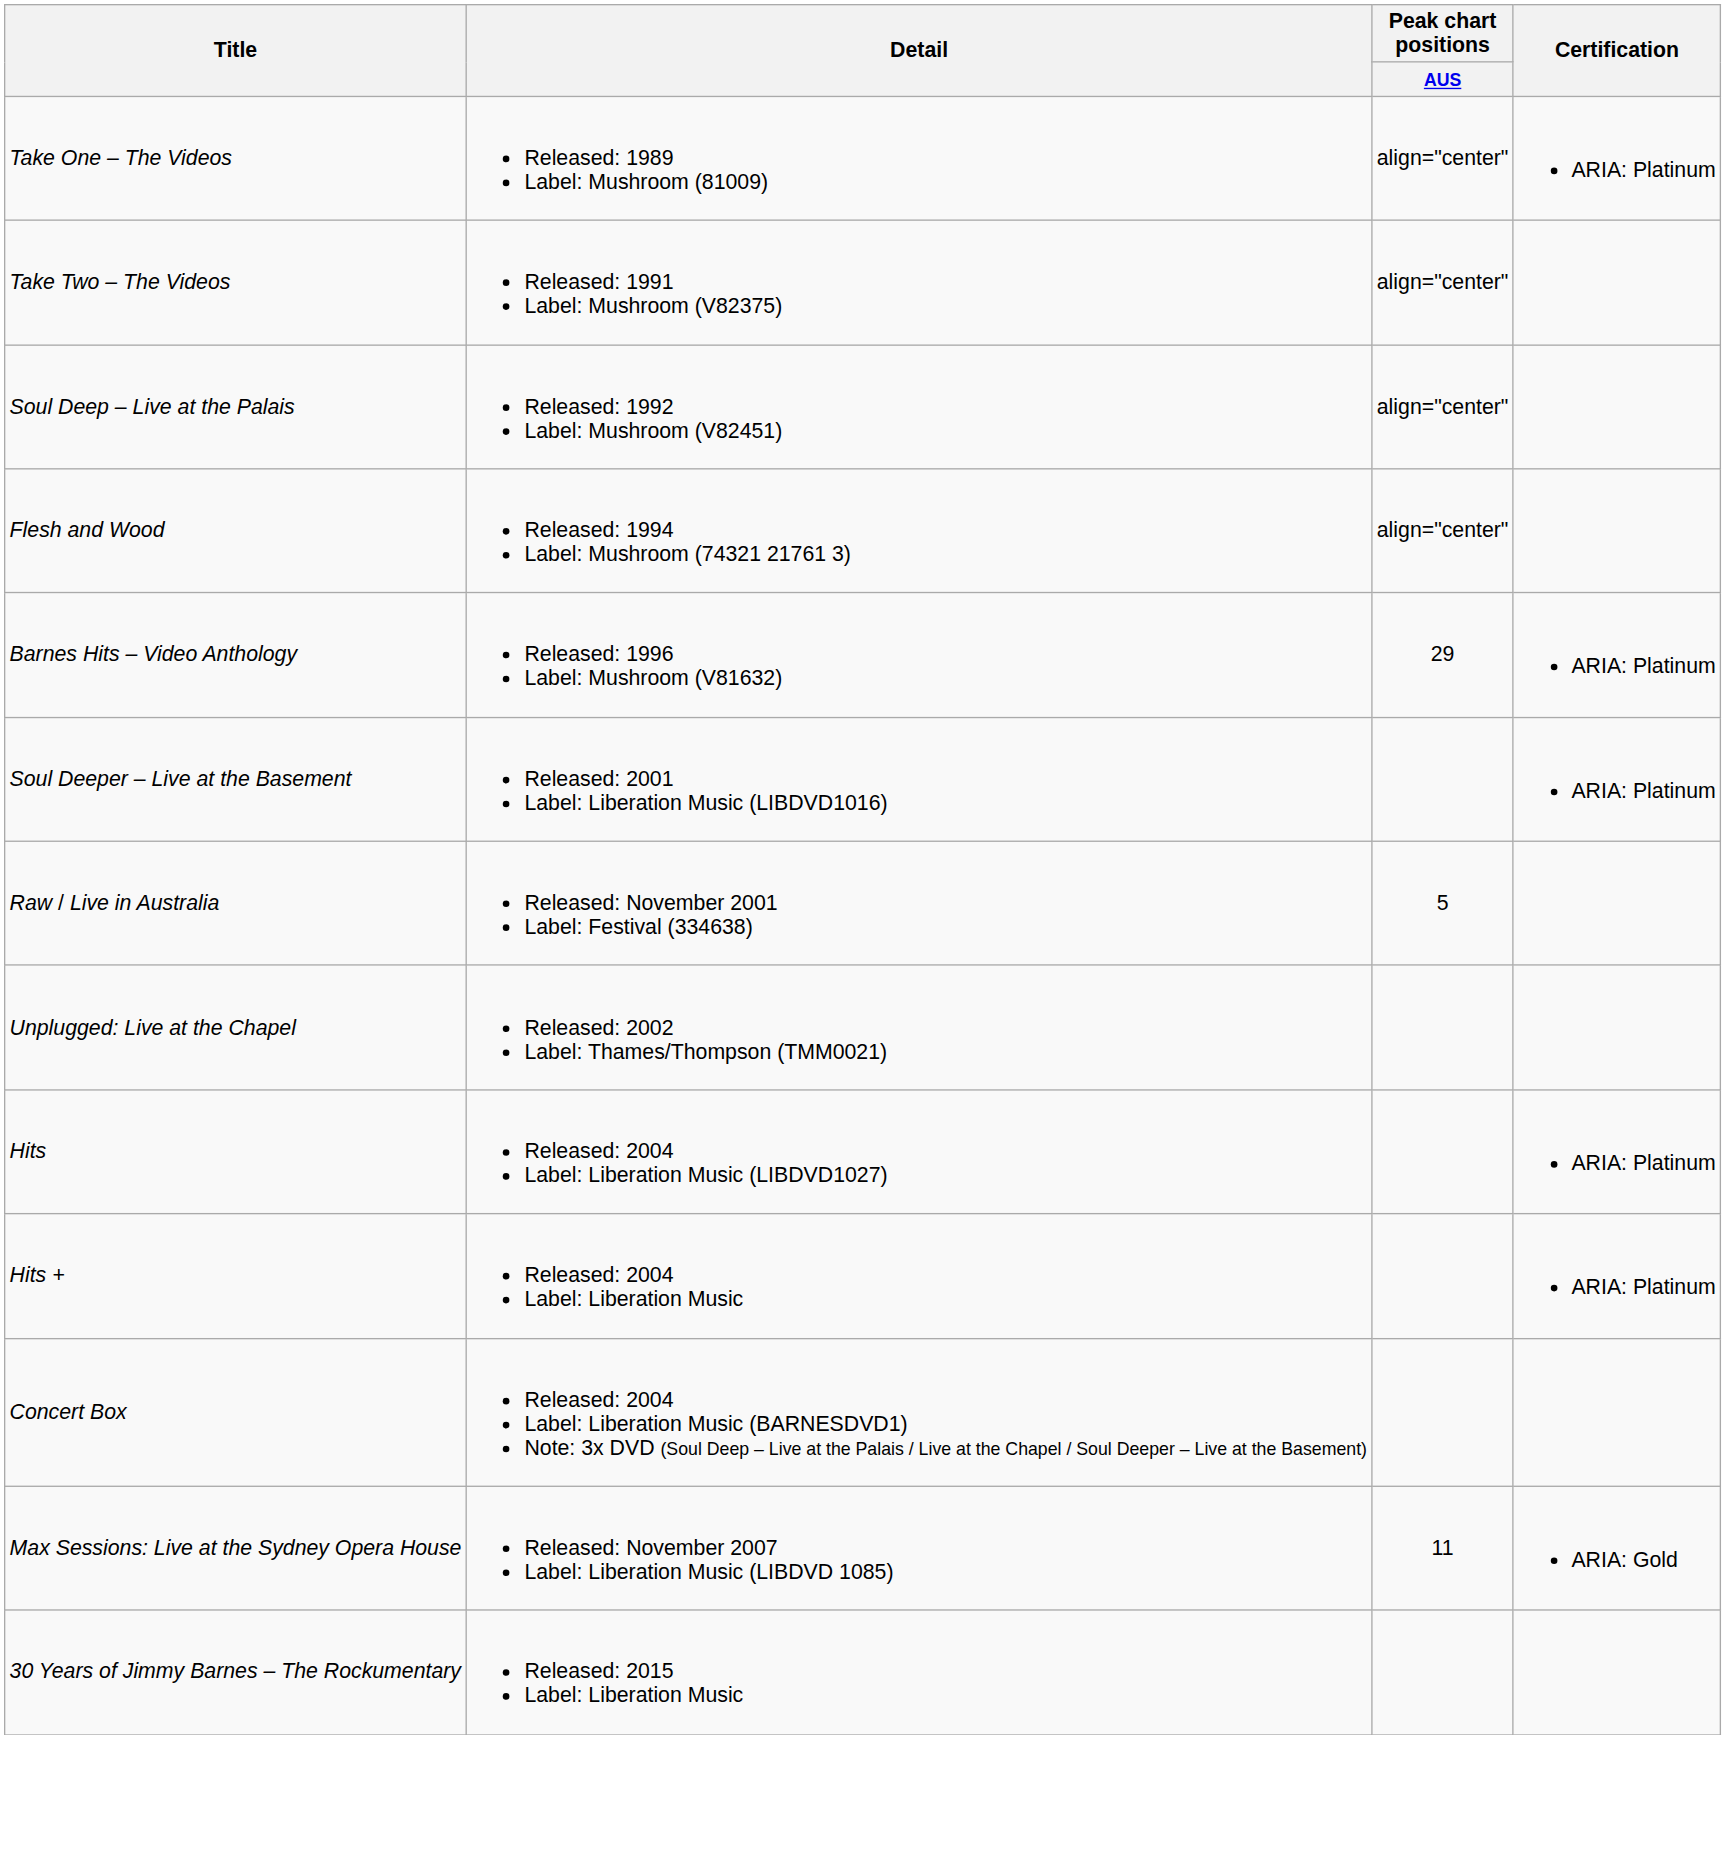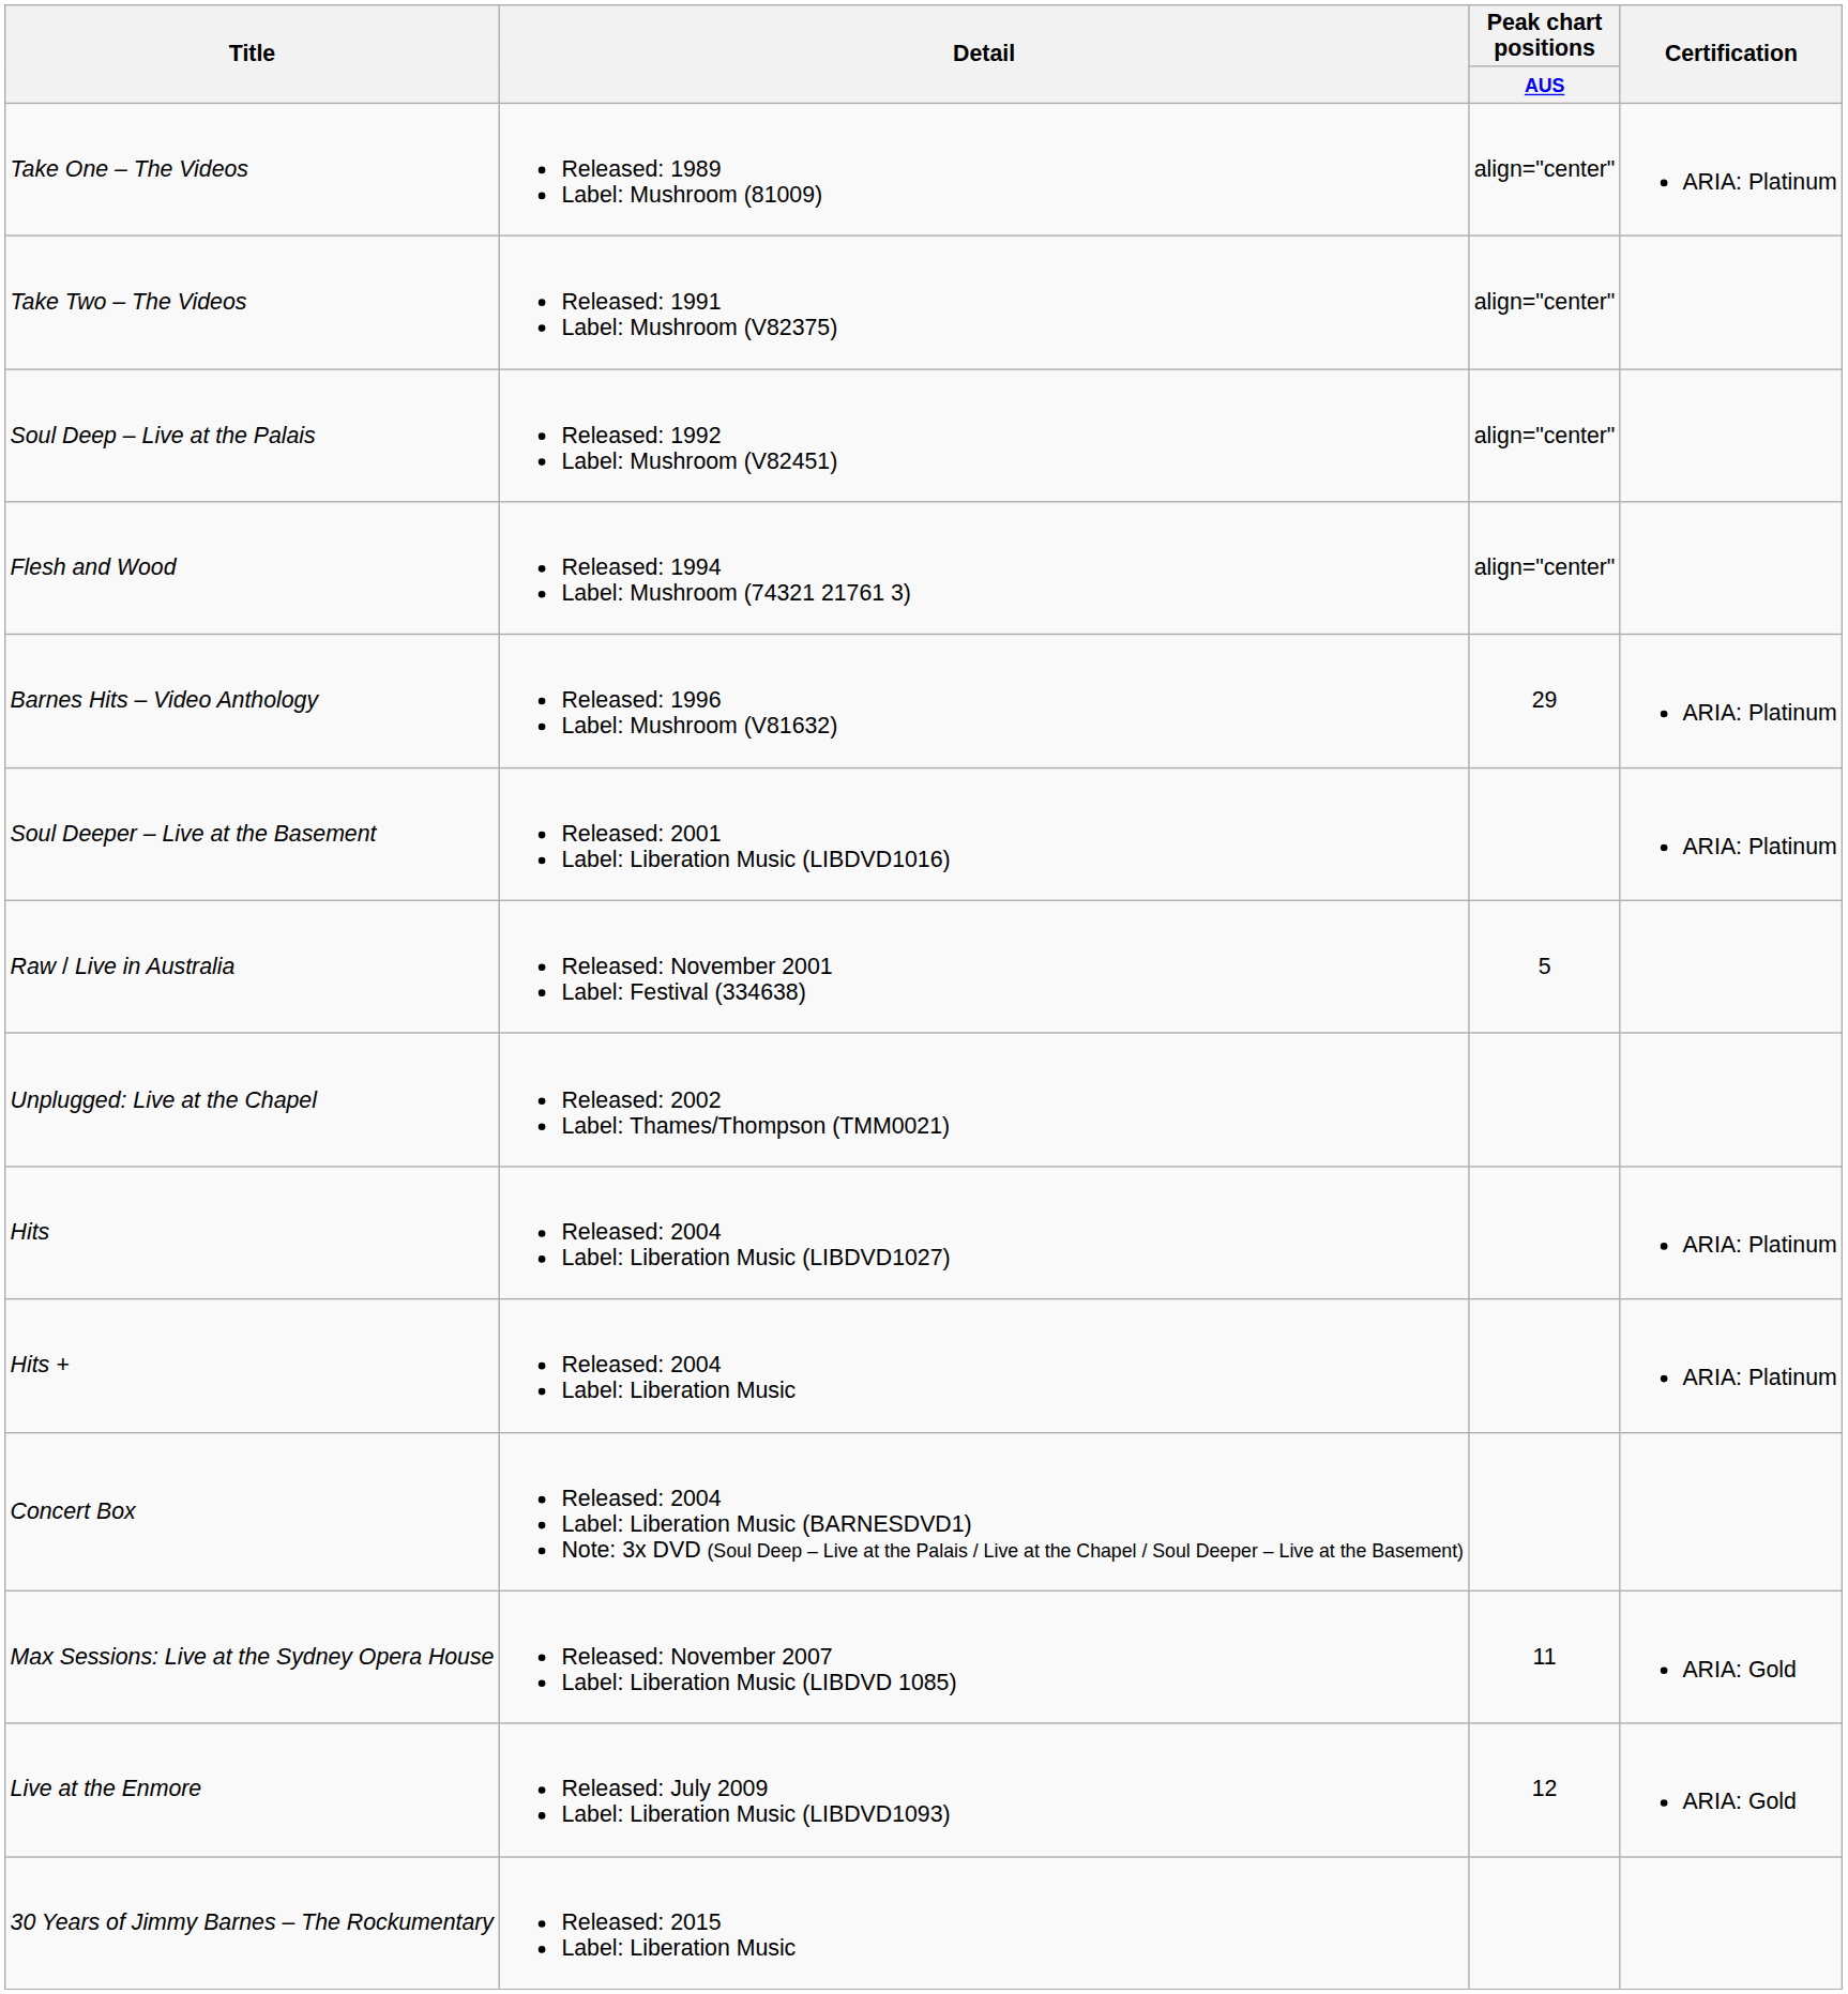 <table class="wikitable">
 <tr>
 <th scope="col" rowspan="2">Title</th>
 <th scope="col" rowspan="2">Detail</th>
 <th scope="col" colspan="1">Peak chart positions</th>
 <th scope="col" rowspan="2">Certification</th>
 </tr>
 <tr>
 <th scope="col" width="35"><small><a href='#'>AUS</a></small><br></th>
 </tr>
 <tr>
 <td><em>Take One – The Videos</em></td>
 <td><br><ul><li>Released: 1989</li><li>Label: Mushroom (81009)</li></ul></td>
 <td>align="center" </td>
 <td><br><ul><li>ARIA: Platinum</li></ul></td>
 </tr>
 <tr>
 <td><em>Take Two – The Videos</em></td>
 <td><br><ul><li>Released: 1991</li><li>Label: Mushroom (V82375)</li></ul></td>
 <td>align="center" </td>
 <td></td>
 </tr>
 <tr>
 <td><em>Soul Deep – Live at the Palais</em></td>
 <td><br><ul><li>Released: 1992</li><li>Label: Mushroom (V82451)</li></ul></td>
 <td>align="center" </td>
 <td></td>
 </tr>
 <tr>
 <td><em>Flesh and Wood</em></td>
 <td><br><ul><li>Released: 1994</li><li>Label: Mushroom (74321 21761 3)</li></ul></td>
 <td>align="center" </td>
 <td></td>
 </tr>
 <tr>
 <td><em>Barnes Hits – Video Anthology</em></td>
 <td><br><ul><li>Released: 1996</li><li>Label: Mushroom (V81632)</li></ul></td>
 <td align="center">29</td>
 <td><br><ul><li>ARIA: Platinum</li></ul></td>
 </tr>
 <tr>
 <td><em>Soul Deeper – Live at the Basement</em></td>
 <td><br><ul><li>Released: 2001</li><li>Label: Liberation Music (LIBDVD1016)</li></ul></td>
 <td align="center"></td>
 <td><br><ul><li>ARIA: Platinum</li></ul></td>
 </tr>
 <tr>
 <td><em>Raw</em> / <em>Live in Australia</em></td>
 <td><br><ul><li>Released: November 2001</li><li>Label: Festival (334638)</li></ul></td>
 <td align="center">5</td>
 <td></td>
 </tr>
 <tr>
 <td><em>Unplugged: Live at the Chapel</em></td>
 <td><br><ul><li>Released: 2002</li><li>Label: Thames/Thompson	(TMM0021)</li></ul></td>
 <td align="center"></td>
 <td></td>
 </tr>
 <tr>
 <td><em>Hits</em></td>
 <td><br><ul><li>Released: 2004</li><li>Label: Liberation Music (LIBDVD1027)</li></ul></td>
 <td align="center"></td>
 <td><br><ul><li>ARIA: Platinum</li></ul></td>
 </tr>
 <tr>
 <td><em>Hits +</em></td>
 <td><br><ul><li>Released: 2004</li><li>Label: Liberation Music</li></ul></td>
 <td align="center"></td>
 <td><br><ul><li>ARIA: Platinum</li></ul></td>
 </tr>
 <tr>
 <td><em>Concert Box</em></td>
 <td><br><ul><li>Released: 2004</li><li>Label: Liberation Music (BARNESDVD1)</li><li>Note: 3x DVD <small>(Soul Deep – Live at the Palais / Live at the Chapel / Soul Deeper – Live at the Basement)</small></li></ul></td>
 <td align="center"></td>
 <td></td>
 </tr>
 <tr>
 <td><em>Max Sessions: Live at the Sydney Opera House</em></td>
 <td><br><ul><li>Released: November 2007</li><li>Label: Liberation Music (LIBDVD 1085)</li></ul></td>
 <td align="center">11</td>
 <td><br><ul><li>ARIA: Gold</li></ul></td>
 </tr>
 <tr>
+<td><em>Live at the Enmore</em></td>
+<td><br><ul><li>Released: July 2009</li><li>Label: Liberation Music (LIBDVD1093)</li></ul></td>
+<td align="center">12</td>
+<td><br><ul><li>ARIA: Gold</li></ul></td>
+</tr>
+<tr>
 <td><em>30 Years of Jimmy Barnes – The Rockumentary</em></td>
 <td><br><ul><li>Released: 2015</li><li>Label: Liberation Music</li></ul></td>
 <td align="center"></td>
 <td></td>
 </tr>
 </table>
